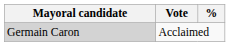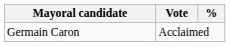 <table class="wikitable">
 <tr>
 <th bgcolor="#DDDDFF" width="200px">Mayoral candidate</th>
 <th bgcolor="#DDDDFF" width="50px">Vote</th>
 <th bgcolor="#DDDDFF"  width="30px">%</th>
 </tr>
 <tr>
-<td style="background: lightgrey;">Germain Caron</td>
+<td>Germain Caron</td>
 <td colspan="2">Acclaimed</td>
 </tr>
 </table>
